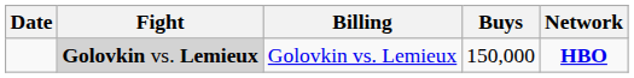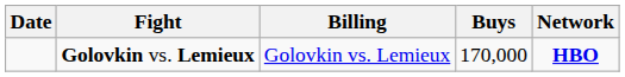 <table class="wikitable">
 <tr>
 <th>Date</th>
 <th>Fight</th>
 <th>Billing</th>
 <th>Buys</th>
 <th>Network</th>
 </tr>
 <tr>
 <td align=center></td>
-<td style="background: lightgrey;"><strong>Golovkin</strong> vs. <strong>Lemieux</strong></td>
+<td><strong>Golovkin</strong> vs. <strong>Lemieux</strong></td>
 <td><a href='#'>Golovkin vs. Lemieux</a></td>
-<td>150,000</td>
+<td>170,000</td>
 <td align=center><strong><a href='#'>HBO</a></strong></td>
 </tr>
 </table>
